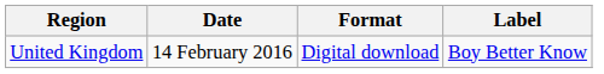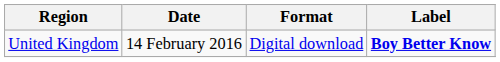 <table class=wikitable>
 <tr>
 <th>Region</th>
 <th>Date</th>
 <th>Format</th>
 <th>Label</th>
 </tr>
 <tr>
 <td><a href='#'>United Kingdom</a></td>
 <td>14 February 2016</td>
 <td><a href='#'>Digital download</a></td>
-<td><a href='#'>Boy Better Know</a></td>
+<td><strong><a href='#'>Boy Better Know</a></strong></td>
 </tr>
 <tr>
 </tr>
 </table>
